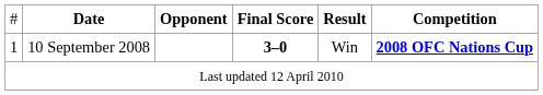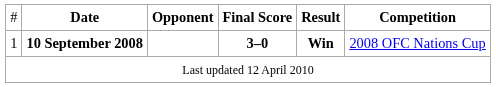 <table border="1" cellpadding="4" cellspacing="2" style="margin:auto; font-size:90%; border:1px #aaa solid; border-collapse:collapse; text-align:center;">
 <tr>
 <td>#</td>
 <th>Date</th>
 <th>Opponent</th>
 <th>Final Score</th>
 <th>Result</th>
 <th>Competition</th>
 </tr>
 <tr>
 <td>1</td>
-<td>10 September 2008</td>
+<td><strong>10 September 2008</strong></td>
 <td></td>
 <td><strong>3–0</strong></td>
-<td>Win</td>
-<td><strong><a href='#'>2008 OFC Nations Cup</a></strong></td>
+<td><strong>Win</strong></td>
+<td><a href='#'>2008 OFC Nations Cup</a></td>
 </tr>
 <tr>
 <td colspan="12"><small>Last updated 12 April 2010</small></td>
 </tr>
 </table>
